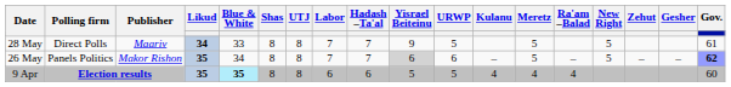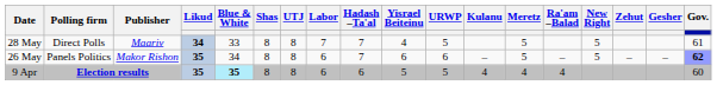 <table class="wikitable sortable" style="text-align:center;font-size:90%;line-height:13px">
 <tr>
 <th rowspan="2">Date</th>
 <th rowspan="2">Polling firm</th>
 <th rowspan="2">Publisher</th>
 <th><a href='#'>Likud</a></th>
 <th><a href='#'>Blue &<br>White</a></th>
 <th><a href='#'>Shas</a></th>
 <th><a href='#'>UTJ</a></th>
 <th><a href='#'>Labor</a></th>
 <th><a href='#'>Hadash</a><br>–<a href='#'>Ta'al</a></th>
 <th><a href='#'>Yisrael<br>Beiteinu</a></th>
 <th><a href='#'>URWP</a></th>
 <th><a href='#'>Kulanu</a></th>
 <th><a href='#'>Meretz</a></th>
 <th><a href='#'>Ra'am</a><br>–<a href='#'>Balad</a></th>
 <th><a href='#'>New<br>Right</a></th>
 <th><a href='#'>Zehut</a></th>
 <th><a href='#'>Gesher</a></th>
 <th>Gov.</th>
 </tr>
 <tr>
 <th style="background:"></th>
 <th style="background:"></th>
 <th style="background:"></th>
 <th style="background:"></th>
 <th style="background:"></th>
 <th style="background:"></th>
 <th style="background:"></th>
 <th style="background:"></th>
 <th style="background:"></th>
 <th style="background:"></th>
 <th style="background:"></th>
 <th style="background:"></th>
 <th style="background:"></th>
 <th style="background:"></th>
 <th style="background:#000EA3;"></th>
 </tr>
 <tr>
 <td data-sort-value="2019-05-28">28 May</td>
 <td>Direct Polls</td>
 <td><em><a href='#'>Maariv</a></em></td>
 <td style="background:#BBCDE4"><strong>34</strong>	</td>
 <td>33					</td>
 <td>8					</td>
 <td>8					</td>
 <td>7					</td>
 <td>7					</td>
-<td>9					</td>
+<td>4					</td>
 <td>5					</td>
 <td>			</td>
 <td>5					</td>
 <td>			</td>
 <td>5					</td>
 <td>			</td>
 <td>			</td>
 <td>61					</td>
 </tr>
 <tr>
 <td data-sort-value="2019-05-26">26 May</td>
 <td>Panels Politics</td>
 <td><em><a href='#'>Makor Rishon</a></em></td>
 <td style="background:#BBCDE4"><strong>35</strong>	</td>
 <td>34					</td>
 <td>8					</td>
 <td>8					</td>
+<td>6					</td>
 <td>7					</td>
-<td>7					</td>
-<td style="background: lightgrey;">6					</td>
+<td>6					</td>
 <td>6					</td>
 <td>–					</td>
 <td>5					</td>
 <td>–					</td>
 <td>5					</td>
 <td>–					</td>
 <td>–					</td>
 <td style="background:#939BFF"><strong>62</strong>	</td>
 </tr>
 <tr>
 <td style="background:silver" data-sort-value="2019-04-09">9 Apr</td>
 <td style="background:silver" colspan=2><strong><a href='#'>Election results</a></strong></td>
 <td style="background:#BBCDE4"><strong>35</strong>		</td>
 <td style="background:#B2EDFB"><strong>35</strong>		</td>
 <td style="background:silver">8			</td>
 <td style="background:silver">8			</td>
 <td style="background:silver">6			</td>
 <td style="background:silver">6			</td>
 <td style="background:silver">5			</td>
 <td style="background:silver">5			</td>
 <td style="background:silver">4			</td>
 <td style="background:silver">4			</td>
 <td style="background:silver">4			</td>
 <td style="background:silver">	</td>
 <td style="background:silver">	</td>
 <td style="background:silver">	</td>
 <td style="background:silver">60			</td>
 </tr>
 </table>
